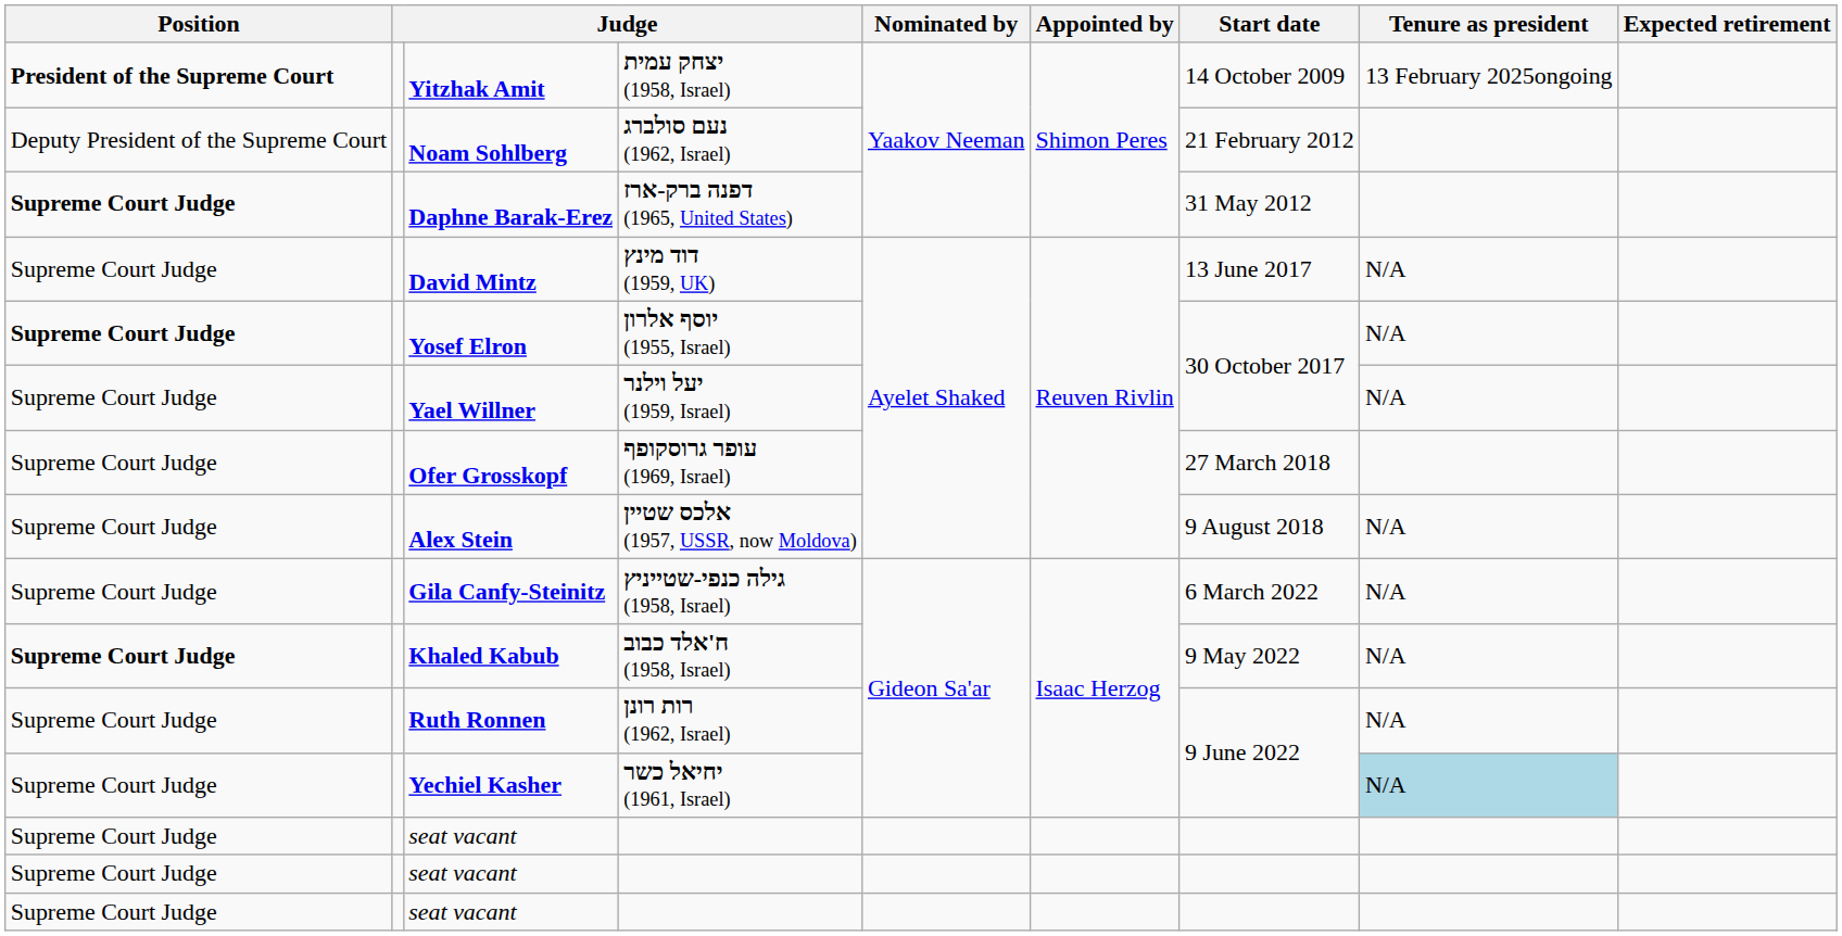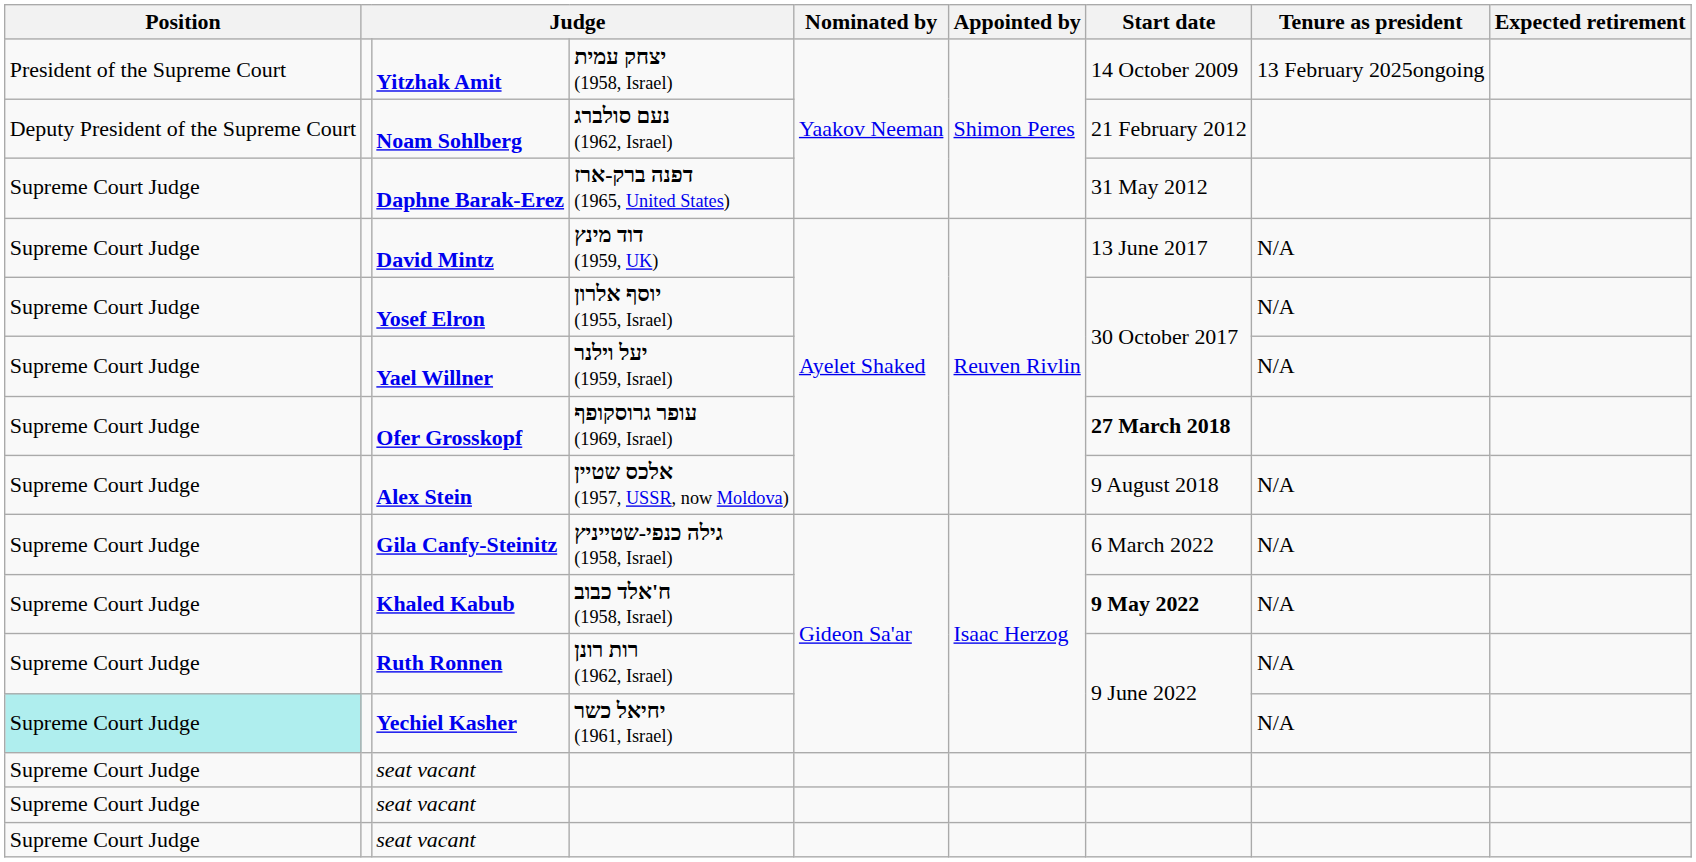 <table class="wikitable sortable">
 <tr>
 <th>Position</th>
 <th colspan="3">Judge</th>
 <th>Nominated by</th>
 <th>Appointed by</th>
 <th>Start date</th>
 <th>Tenure as president</th>
 <th>Expected retirement</th>
 </tr>
 <tr>
-<td><strong>President of the Supreme Court</strong></td>
+<td>President of the Supreme Court</td>
 <td></td>
 <td><br><strong><a href='#'>Yitzhak Amit</a></strong></td>
 <td><strong>יצחק עמית</strong><br><small>(1958, Israel)</small></td>
 <td rowspan="3"><a href='#'>Yaakov Neeman</a></td>
 <td rowspan="3"><a href='#'>Shimon Peres</a></td>
 <td>14 October 2009</td>
 <td align="center">13 February 2025ongoing</td>
 <td></td>
 </tr>
 <tr>
 <td>Deputy President of the Supreme Court</td>
 <td></td>
 <td><br><strong><a href='#'>Noam Sohlberg</a></strong></td>
 <td><strong>נעם סולברג</strong><br><small>(1962, Israel)</small></td>
 <td>21 February 2012</td>
 <td align="center"> </td>
 <td></td>
 </tr>
 <tr>
-<td><strong>Supreme Court Judge</strong></td>
+<td>Supreme Court Judge</td>
 <td></td>
 <td><br><strong><a href='#'>Daphne Barak-Erez</a></strong></td>
 <td><strong>דפנה ברק-ארז</strong><br><small>(1965, <a href='#'>United States</a>)</small></td>
 <td>31 May 2012</td>
 <td align="center">  </td>
 <td></td>
 </tr>
 <tr>
 <td>Supreme Court Judge</td>
 <td></td>
 <td><br><a href='#'><strong>David Mintz</strong></a></td>
 <td><strong>דוד מינץ</strong><br><small>(1959, <a href='#'>UK</a>)</small></td>
 <td rowspan=5><a href='#'>Ayelet Shaked</a></td>
 <td rowspan=5><a href='#'>Reuven Rivlin</a></td>
 <td>13 June 2017</td>
 <td>N/A</td>
 <td></td>
 </tr>
 <tr>
-<td><strong>Supreme Court Judge</strong></td>
+<td>Supreme Court Judge</td>
 <td></td>
 <td><br><strong><a href='#'>Yosef Elron</a></strong></td>
 <td><strong>יוסף אלרון</strong><br><small>(1955, Israel)</small></td>
 <td rowspan=2>30 October 2017</td>
 <td>N/A</td>
 <td></td>
 </tr>
 <tr>
 <td>Supreme Court Judge</td>
 <td></td>
 <td><br><strong><a href='#'>Yael Willner</a></strong></td>
 <td><strong>יעל וילנר</strong><br><small>(1959, Israel)</small></td>
 <td>N/A</td>
 <td></td>
 </tr>
 <tr>
 <td>Supreme Court Judge</td>
 <td></td>
 <td><br><strong><a href='#'>Ofer Grosskopf</a></strong></td>
 <td><strong>עופר גרוסקופף</strong><br><small>(1969, Israel)</small></td>
-<td>27 March 2018</td>
+<td><strong>27 March 2018</strong></td>
 <td align="center">  </td>
 <td></td>
 </tr>
 <tr>
 <td>Supreme Court Judge</td>
 <td></td>
 <td><br><strong><a href='#'>Alex Stein</a></strong></td>
 <td><strong>אלכס שטיין</strong><br><small>(1957, <a href='#'>USSR</a>, now <a href='#'>Moldova</a>)</small></td>
 <td>9 August 2018</td>
 <td>N/A</td>
 <td></td>
 </tr>
 <tr>
 <td>Supreme Court Judge</td>
 <td></td>
 <td><strong><a href='#'>Gila Canfy-Steinitz</a></strong></td>
 <td><strong>גילה כנפי-שטייניץ</strong><br><small>(1958, Israel)</small></td>
 <td rowspan=4><a href='#'>Gideon Sa'ar</a></td>
 <td rowspan=4><a href='#'>Isaac Herzog</a></td>
 <td>6 March 2022</td>
 <td>N/A</td>
 <td></td>
 </tr>
 <tr>
-<td><strong>Supreme Court Judge</strong></td>
+<td>Supreme Court Judge</td>
 <td></td>
 <td><strong><a href='#'>Khaled Kabub</a></strong></td>
 <td><strong>ח'אלד כבוב</strong><br><small>(1958, Israel)</small></td>
-<td>9 May 2022</td>
+<td><strong>9 May 2022</strong></td>
 <td>N/A</td>
 <td></td>
 </tr>
 <tr>
 <td>Supreme Court Judge</td>
 <td></td>
 <td><strong><a href='#'>Ruth Ronnen</a></strong></td>
 <td><strong>רות רונן</strong><br><small>(1962, Israel)</small></td>
 <td rowspan=2>9 June 2022</td>
 <td>N/A</td>
 <td></td>
 </tr>
 <tr>
-<td>Supreme Court Judge</td>
+<td style="background: paleturquoise;">Supreme Court Judge</td>
 <td></td>
 <td><strong><a href='#'>Yechiel Kasher</a></strong></td>
 <td><strong>יחיאל כשר</strong><br><small>(1961, Israel)</small></td>
-<td style="background: lightblue;">N/A</td>
+<td>N/A</td>
 <td></td>
 </tr>
 <tr>
 <td>Supreme Court Judge</td>
 <td align="center"></td>
 <td><em>seat vacant</em></td>
 <td align="center"></td>
 <td align="center"></td>
 <td align="center"></td>
 <td align="center"></td>
 <td align="center"></td>
 <td align="center"></td>
 </tr>
 <tr>
 <td>Supreme Court Judge</td>
 <td></td>
 <td><em>seat vacant</em></td>
 <td></td>
 <td></td>
 <td></td>
 <td></td>
 <td></td>
 <td></td>
 </tr>
 <tr>
 <td>Supreme Court Judge</td>
 <td></td>
 <td><em>seat vacant</em></td>
 <td></td>
 <td></td>
 <td></td>
 <td></td>
 <td></td>
 <td></td>
 </tr>
 </table>
